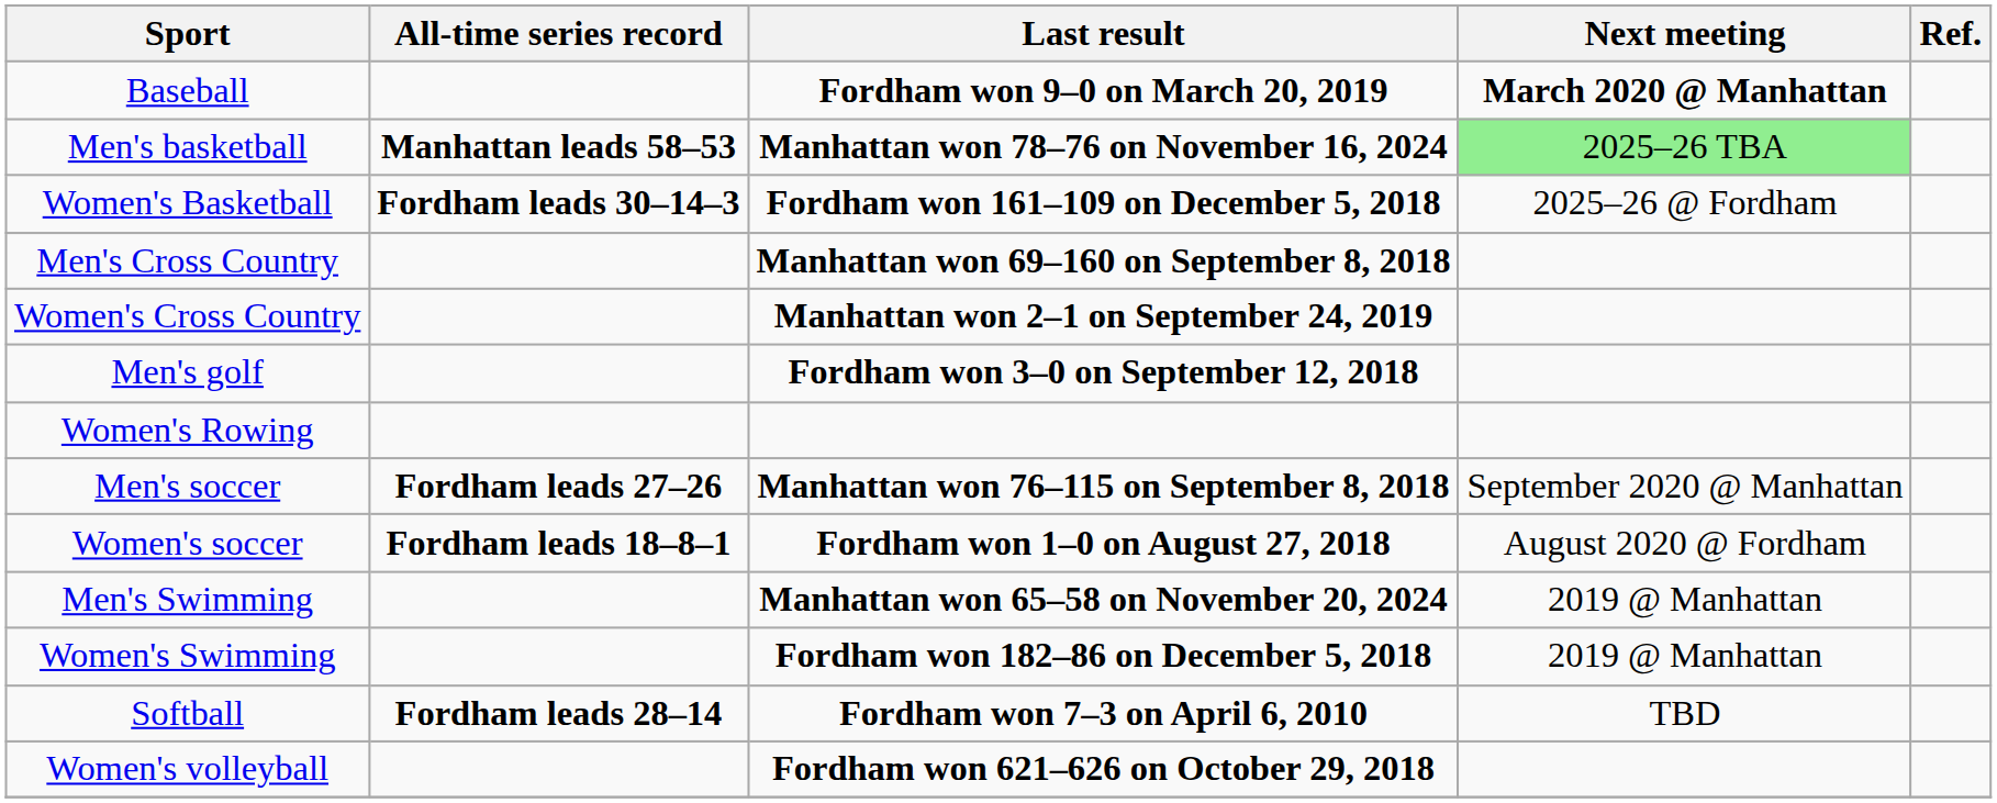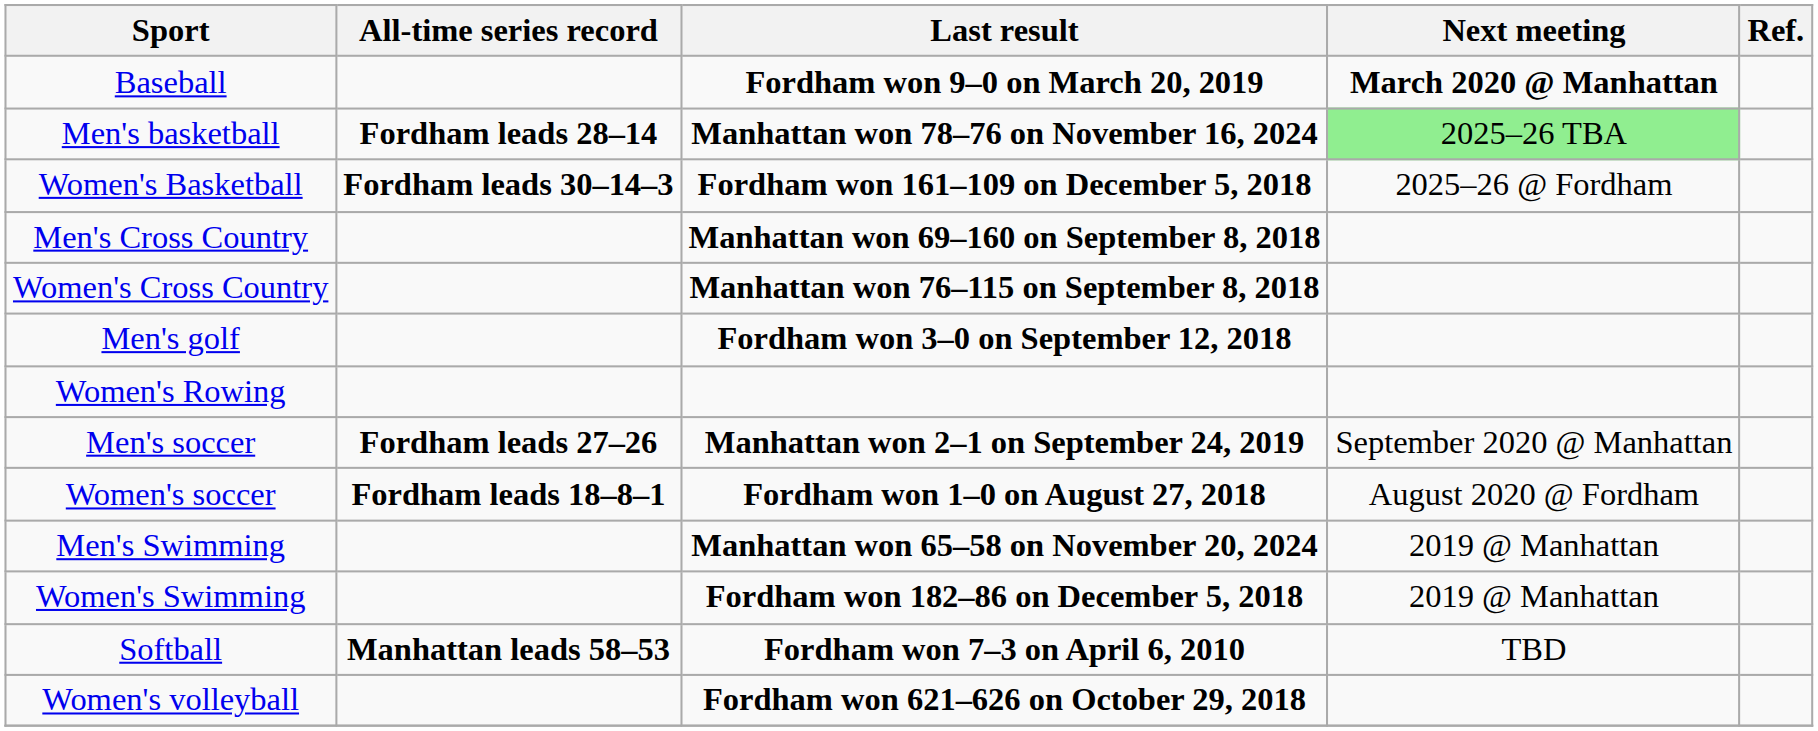 <table class="wikitable" style="margin-left: 1em; margin-bottom: 1em; text-align: center">
 <tr>
 <th>Sport</th>
 <th>All-time series record</th>
 <th>Last result</th>
 <th>Next meeting</th>
 <th>Ref.</th>
 </tr>
 <tr>
 <td><a href='#'>Baseball</a></td>
 <td></td>
 <td><strong>Fordham won 9–0 on March 20, 2019</strong></td>
 <td><strong>March 2020 @ Manhattan</strong></td>
 <td></td>
 </tr>
 <tr>
 <td><a href='#'>Men's basketball</a></td>
-<td><strong>Manhattan leads 58–53</strong></td>
+<td><strong>Fordham leads 28–14</strong></td>
 <td><strong>Manhattan won 78–76 on November 16, 2024</strong></td>
 <td style="background: lightgreen;">2025–26 TBA</td>
 <td></td>
 </tr>
 <tr>
 <td><a href='#'>Women's Basketball</a></td>
 <td><strong>Fordham leads 30–14–3</strong></td>
 <td><strong>Fordham won 161–109 on December 5, 2018</strong></td>
 <td>2025–26 @ Fordham</td>
 <td></td>
 </tr>
 <tr>
 <td><a href='#'>Men's Cross Country</a></td>
 <td></td>
 <td><strong>Manhattan won 69–160 on September 8, 2018</strong></td>
 <td></td>
 <td></td>
 </tr>
 <tr>
 <td><a href='#'>Women's Cross Country</a></td>
 <td></td>
-<td><strong>Manhattan won 2–1 on September 24, 2019</strong></td>
+<td><strong>Manhattan won 76–115 on September 8, 2018</strong></td>
 <td></td>
 <td></td>
 </tr>
 <tr>
 <td><a href='#'>Men's golf</a></td>
 <td></td>
 <td><strong>Fordham won 3–0 on September 12, 2018</strong></td>
 <td></td>
 <td></td>
 </tr>
 <tr>
 <td><a href='#'>Women's Rowing</a></td>
 <td></td>
 <td></td>
 <td></td>
 <td></td>
 </tr>
 <tr>
 <td><a href='#'>Men's soccer</a></td>
 <td><strong>Fordham leads 27–26</strong></td>
-<td><strong>Manhattan won 76–115 on September 8, 2018</strong></td>
+<td><strong>Manhattan won 2–1 on September 24, 2019</strong></td>
 <td>September 2020 @ Manhattan</td>
 <td></td>
 </tr>
 <tr>
 <td><a href='#'>Women's soccer</a></td>
 <td><strong>Fordham leads 18–8–1</strong></td>
 <td><strong>Fordham won 1–0 on August 27, 2018</strong></td>
 <td>August 2020 @ Fordham</td>
 <td></td>
 </tr>
 <tr>
 <td><a href='#'>Men's Swimming</a></td>
 <td></td>
 <td><strong>Manhattan won 65–58 on November 20, 2024</strong></td>
 <td>2019 @ Manhattan</td>
 <td></td>
 </tr>
 <tr>
 <td><a href='#'>Women's Swimming</a></td>
 <td></td>
 <td><strong>Fordham won 182–86 on December 5, 2018</strong></td>
 <td>2019 @ Manhattan</td>
 <td></td>
 </tr>
 <tr>
 <td><a href='#'>Softball</a></td>
-<td><strong>Fordham leads 28–14</strong></td>
+<td><strong>Manhattan leads 58–53</strong></td>
 <td><strong>Fordham won 7–3 on April 6, 2010</strong></td>
 <td>TBD</td>
 <td></td>
 </tr>
 <tr>
 <td><a href='#'>Women's volleyball</a></td>
 <td></td>
 <td><strong>Fordham won 621–626 on October 29, 2018</strong></td>
 <td></td>
 <td></td>
 </tr>
 <tr>
 </tr>
 </table>
